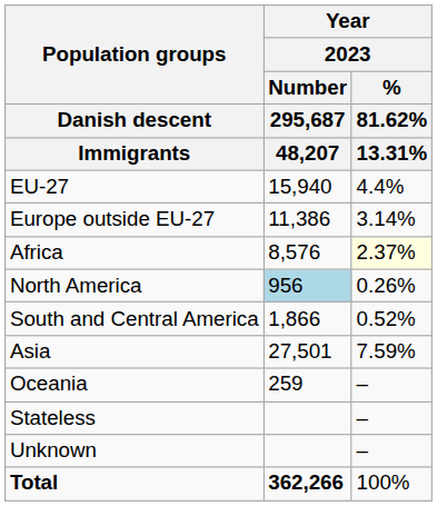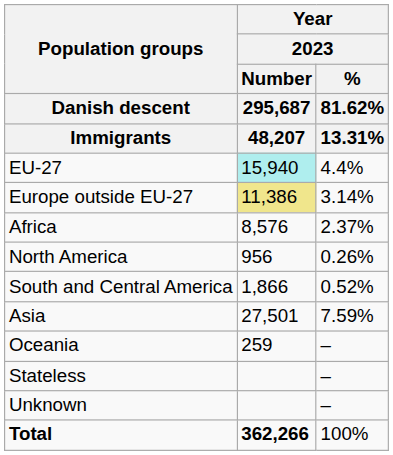 <table class="wikitable">
 <tr>
 <th rowspan="3">Population groups</th>
 <th colspan="2">Year</th>
 </tr>
 <tr>
 <th colspan="2">2023</th>
 </tr>
 <tr>
 <th>Number</th>
 <th>%</th>
 </tr>
 <tr>
 <th>Danish descent</th>
 <th>295,687</th>
 <th>81.62%</th>
 </tr>
 <tr>
 <th>Immigrants</th>
 <th>48,207</th>
 <th>13.31%</th>
 </tr>
 <tr>
 <td>EU-27</td>
-<td>15,940</td>
+<td style="background: paleturquoise;">15,940</td>
 <td>4.4%</td>
 </tr>
 <tr>
 <td>Europe outside EU-27</td>
-<td>11,386</td>
+<td style="background: khaki;">11,386</td>
 <td>3.14%</td>
 </tr>
 <tr>
 <td>Africa</td>
 <td>8,576</td>
-<td style="background: lightyellow;">2.37%</td>
+<td>2.37%</td>
 </tr>
 <tr>
 <td>North America</td>
-<td style="background: lightblue;">956</td>
+<td>956</td>
 <td>0.26%</td>
 </tr>
 <tr>
 <td>South and Central America</td>
 <td>1,866</td>
 <td>0.52%</td>
 </tr>
 <tr>
 <td>Asia</td>
 <td>27,501</td>
 <td>7.59%</td>
 </tr>
 <tr>
 <td>Oceania</td>
 <td>259</td>
 <td>–</td>
 </tr>
 <tr>
 <td>Stateless</td>
 <td></td>
 <td>–</td>
 </tr>
 <tr>
 <td>Unknown</td>
 <td></td>
 <td>–</td>
 </tr>
 <tr>
 <td><strong>Total</strong></td>
 <td><strong>362,266</strong></td>
 <td>100%</td>
 </tr>
 </table>
